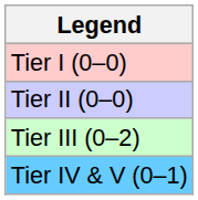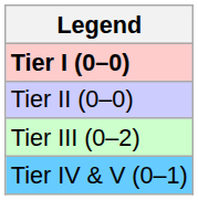 <table class="wikitable" style="font-size:90%;">
 <tr>
 <th>Legend</th>
 </tr>
 <tr>
-<td style="background:#fcc;">Tier I (0–0)</td>
+<td style="background:#fcc;"><strong>Tier I (0–0)</strong></td>
 </tr>
 <tr>
 <td style="background:#ccf;">Tier II (0–0)</td>
 </tr>
 <tr>
 <td style="background:#cfc;">Tier III (0–2)</td>
 </tr>
 <tr>
 <td style="background:#6cf;">Tier IV & V (0–1)</td>
 </tr>
 </table>
